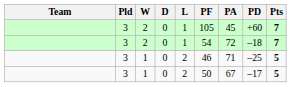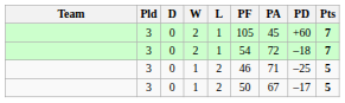 <table class="wikitable" style="text-align:center;">
 <tr>
 <th width=175>Team</th>
 <th width=25 abbr="Played">Pld</th>
+<th width=25 abbr="Drawn">D</th>
 <th width=25 abbr="Won">W</th>
-<th width=25 abbr="Drawn">D</th>
 <th width=25 abbr="Lost">L</th>
 <th width=32 abbr="Points for">PF</th>
 <th width=32 abbr="Points against">PA</th>
 <th width=32 abbr="Points difference">PD</th>
 <th width=25 abbr="Points">Pts</th>
 </tr>
 <tr bgcolor=ccffcc>
 <td align=left></td>
 <td>3</td>
+<td>0</td>
 <td>2</td>
-<td>0</td>
 <td>1</td>
 <td>105</td>
 <td>45</td>
 <td>+60</td>
 <td><strong>7</strong></td>
 </tr>
 <tr bgcolor=ccffcc>
 <td align=left></td>
 <td>3</td>
+<td>0</td>
 <td>2</td>
-<td>0</td>
 <td>1</td>
 <td>54</td>
 <td>72</td>
 <td>–18</td>
 <td><strong>7</strong></td>
 </tr>
 <tr>
 <td align=left></td>
 <td>3</td>
+<td>0</td>
 <td>1</td>
-<td>0</td>
 <td>2</td>
 <td>46</td>
 <td>71</td>
 <td>–25</td>
 <td><strong>5</strong></td>
 </tr>
 <tr>
 <td align=left></td>
 <td>3</td>
+<td>0</td>
 <td>1</td>
-<td>0</td>
 <td>2</td>
 <td>50</td>
 <td>67</td>
 <td>–17</td>
 <td><strong>5</strong></td>
 </tr>
 </table>
